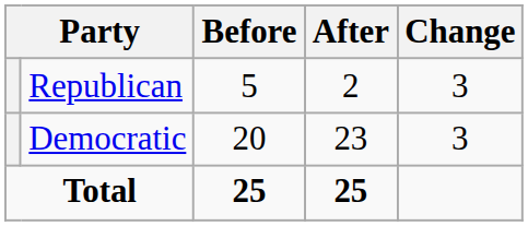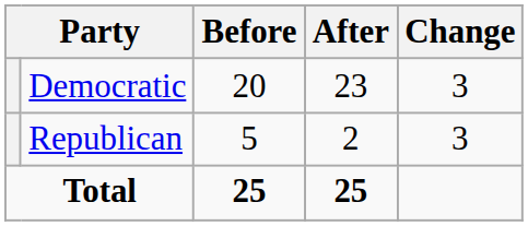 <table class="wikitable" style="text-align:center;">
 <tr>
 <th colspan="2">Party</th>
 <th>Before</th>
 <th>After</th>
 <th>Change</th>
 </tr>
 <tr>
 <th style="background-color:"></th>
-<td style="text-align:left;"><a href='#'>Republican</a></td>
-<td>5</td>
-<td>2</td>
+<td style="text-align:left;"><a href='#'>Democratic</a></td>
+<td>20</td>
+<td>23</td>
 <td> 3</td>
 </tr>
 <tr>
 <th style="background-color:"></th>
-<td style="text-align:left;"><a href='#'>Democratic</a></td>
-<td>20</td>
-<td>23</td>
+<td style="text-align:left;"><a href='#'>Republican</a></td>
+<td>5</td>
+<td>2</td>
 <td> 3</td>
 </tr>
 <tr>
 <td colspan="2"><strong>Total</strong></td>
 <td><strong>25</strong></td>
 <td><strong>25</strong></td>
 <td></td>
 </tr>
 </table>
